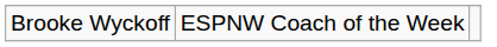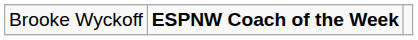 <table class="wikitable sortable sortable" style="text-align: center">
 <tr align=center>
 </tr>
 <tr>
 <td>Brooke Wyckoff</td>
-<td>ESPNW Coach of the Week</td>
+<td><strong>ESPNW Coach of the Week</strong></td>
 <td></td>
 </tr>
 <tr>
 </tr>
 </table>
